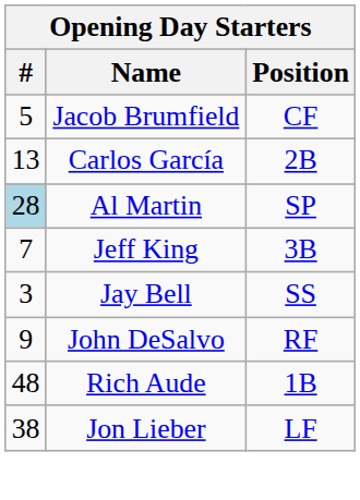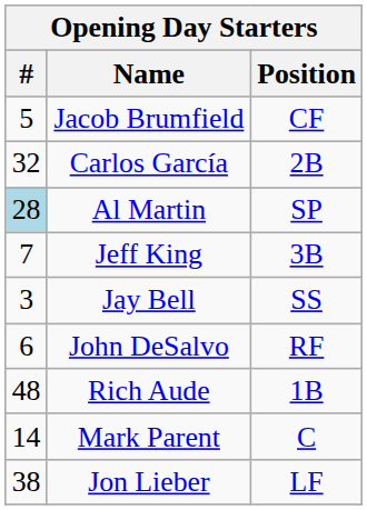 <table class="wikitable" style="text-align:center">
 <tr>
 <th colspan="3">Opening Day Starters</th>
 </tr>
 <tr>
 <th>#</th>
 <th>Name</th>
 <th>Position</th>
 </tr>
 <tr>
 <td>5</td>
 <td><a href='#'>Jacob Brumfield</a></td>
 <td><a href='#'>CF</a></td>
 </tr>
 <tr>
-<td>13</td>
+<td>32</td>
 <td><a href='#'>Carlos García</a></td>
 <td><a href='#'>2B</a></td>
 </tr>
 <tr>
 <td style="background: lightblue;">28</td>
 <td><a href='#'>Al Martin</a></td>
 <td><a href='#'>SP</a></td>
 </tr>
 <tr>
 <td>7</td>
 <td><a href='#'>Jeff King</a></td>
 <td><a href='#'>3B</a></td>
 </tr>
 <tr>
 <td>3</td>
 <td><a href='#'>Jay Bell</a></td>
 <td><a href='#'>SS</a></td>
 </tr>
 <tr>
-<td>9</td>
+<td>6</td>
 <td><a href='#'>John DeSalvo</a></td>
 <td><a href='#'>RF</a></td>
 </tr>
 <tr>
 <td>48</td>
 <td><a href='#'>Rich Aude</a></td>
 <td><a href='#'>1B</a></td>
 </tr>
 <tr>
+<td>14</td>
+<td><a href='#'>Mark Parent</a></td>
+<td><a href='#'>C</a></td>
+</tr>
+<tr>
 <td>38</td>
 <td><a href='#'>Jon Lieber</a></td>
 <td><a href='#'>LF</a></td>
 </tr>
 </table>
